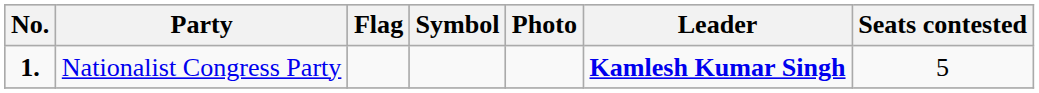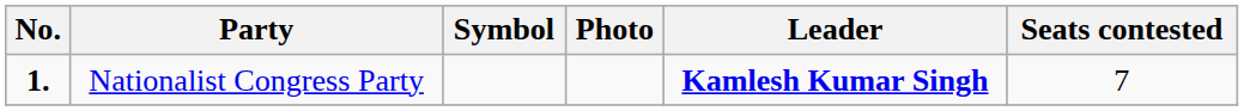 <table class="wikitable" style="width:50%;">
 <tr>
 <th>No.</th>
 <th>Party</th>
-<th>Flag</th>
 <th>Symbol</th>
 <th>Photo</th>
 <th>Leader</th>
 <th>Seats contested</th>
 </tr>
 <tr>
 <td ! style="text-align:center; background:"><strong>1.</strong></td>
 <td ! style="text-align:center"><a href='#'>Nationalist Congress Party</a></td>
 <td></td>
 <td></td>
-<td></td>
 <td style="text-align:center"><strong><a href='#'>Kamlesh Kumar Singh</a></strong></td>
-<td style="text-align:center">5</td>
+<td style="text-align:center">7</td>
 </tr>
 </table>
